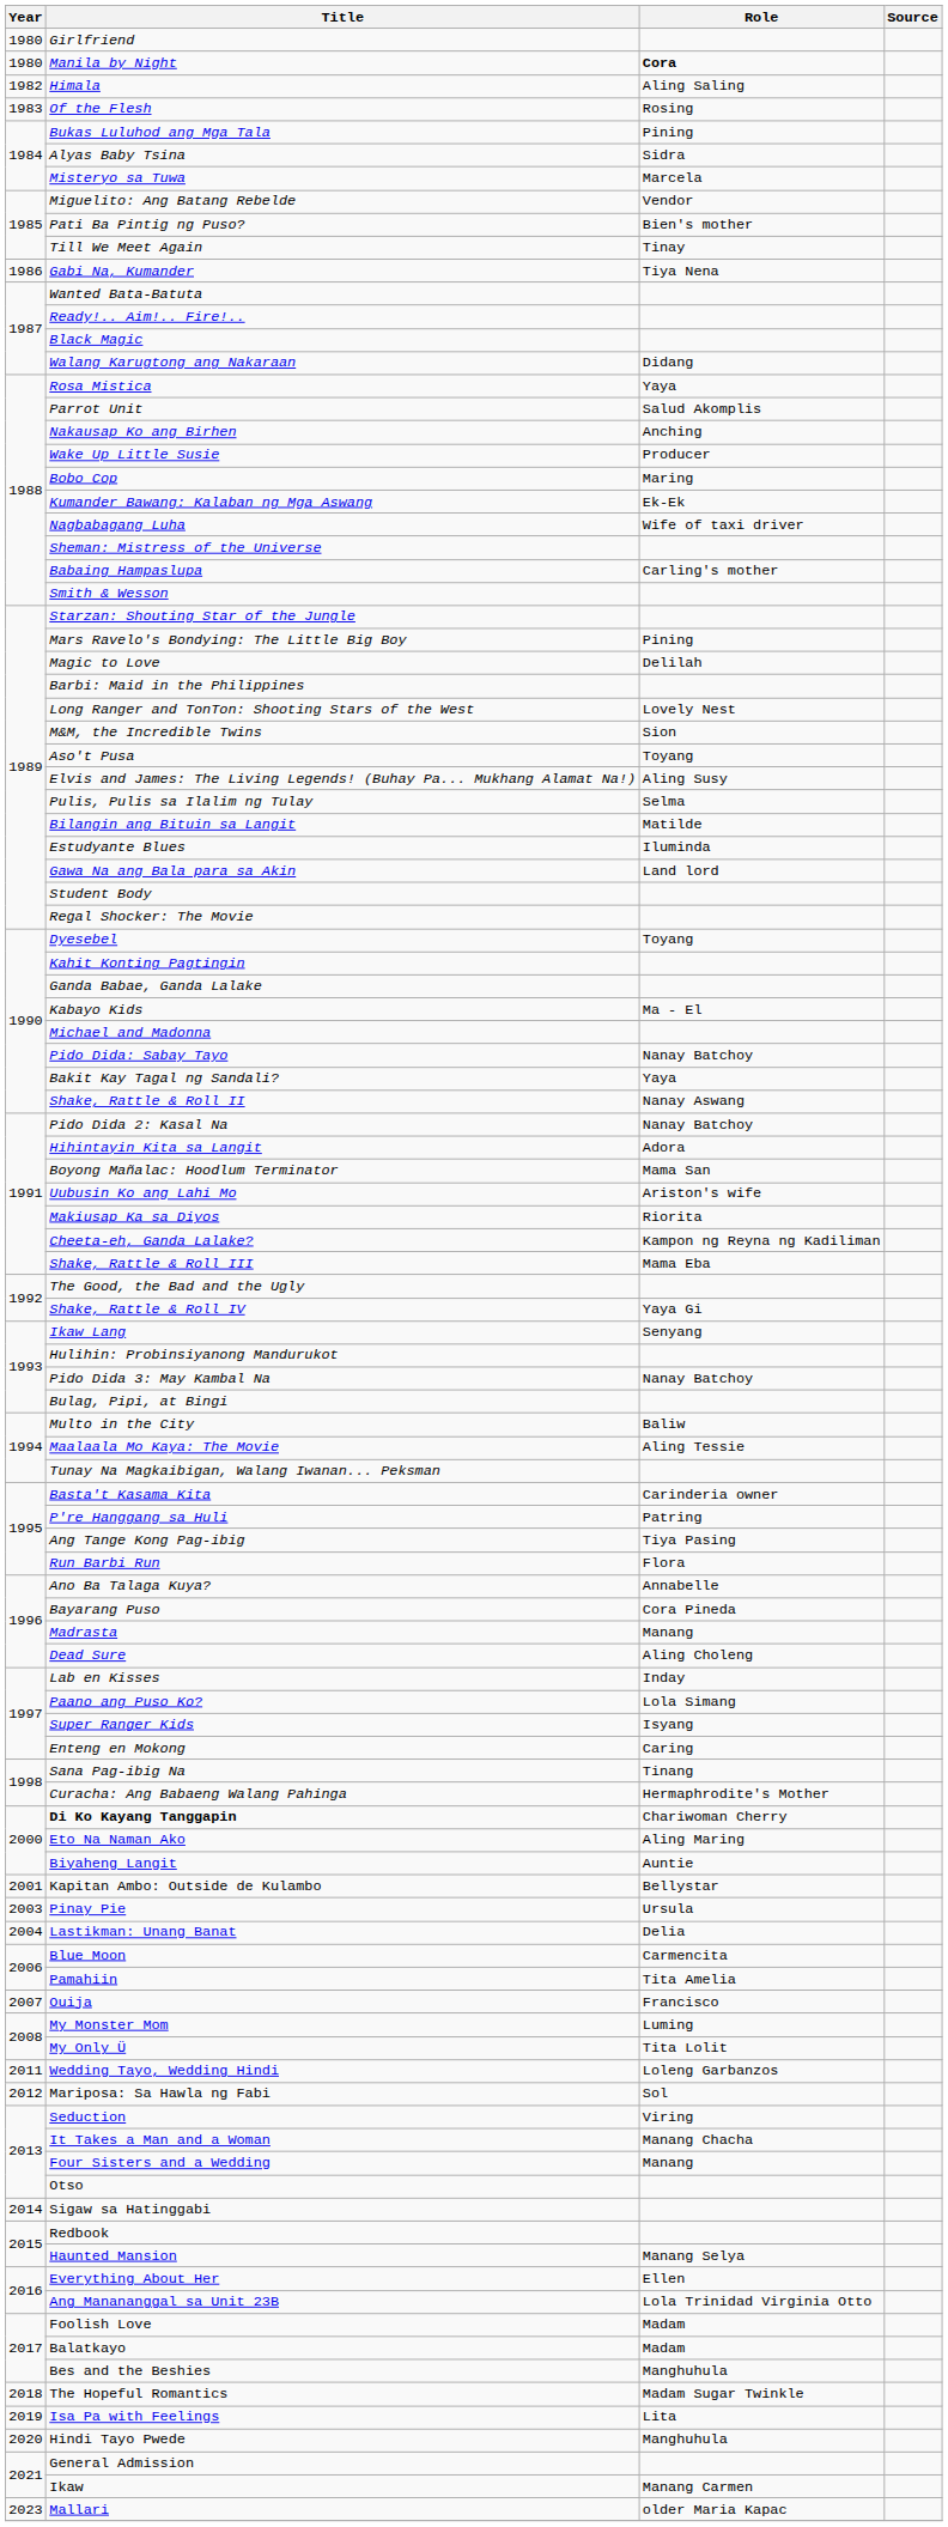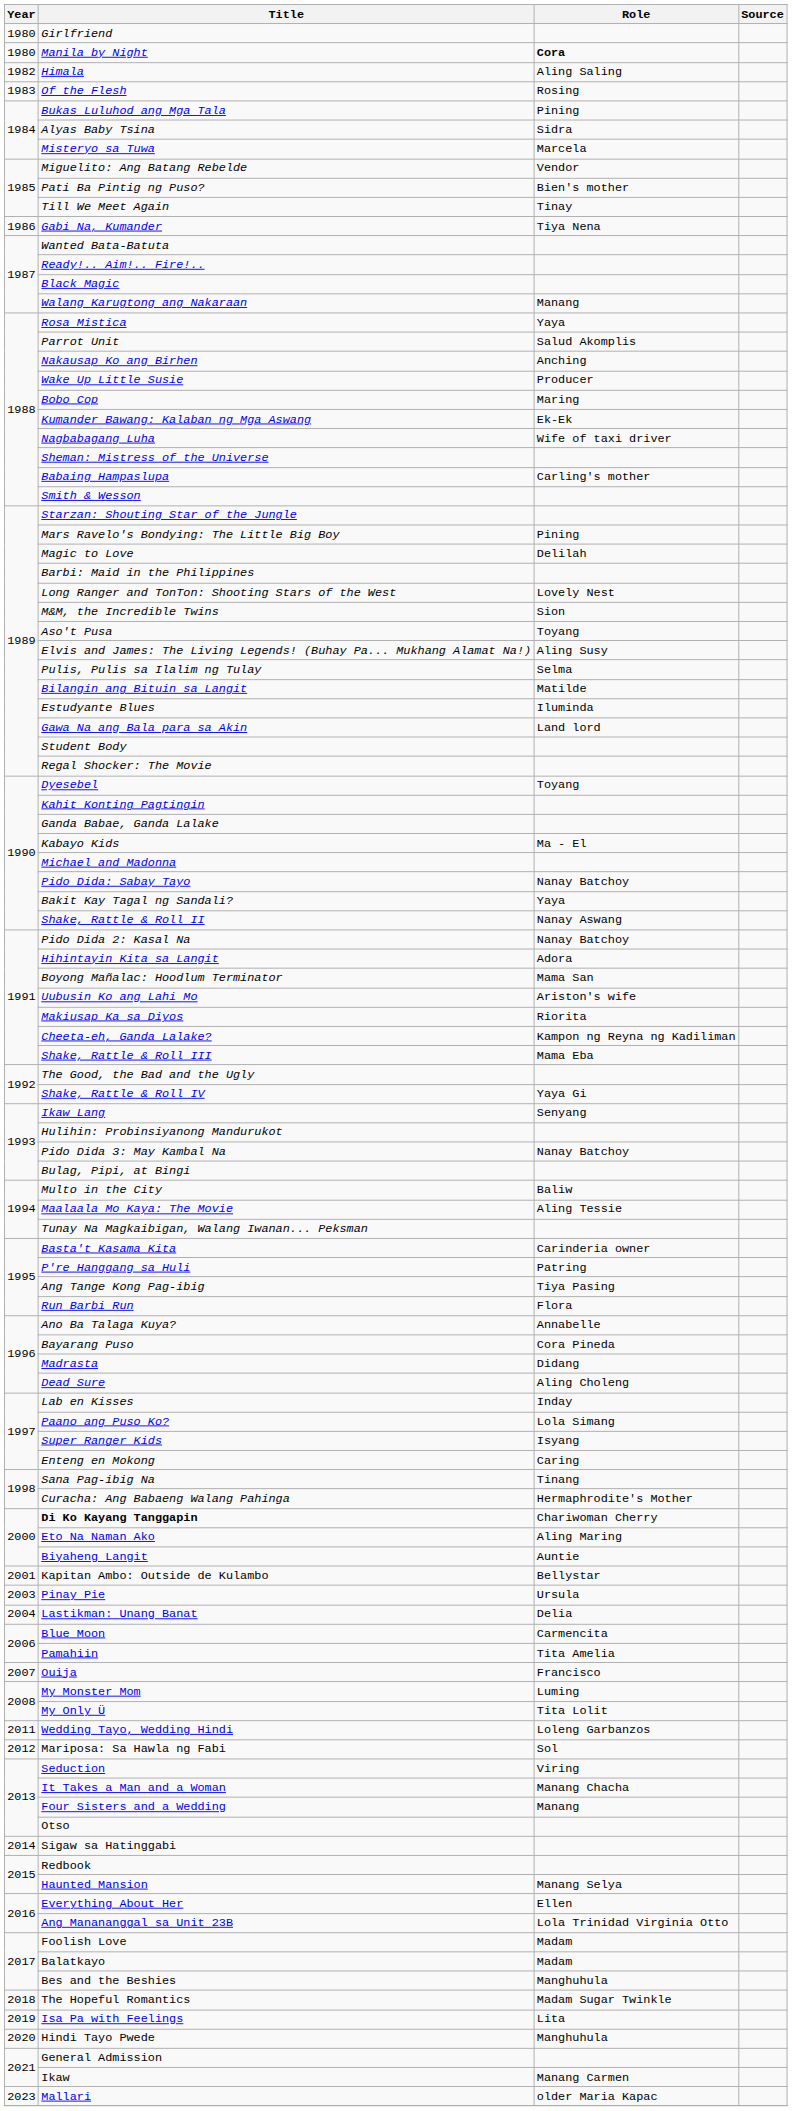 <table class="wikitable sortable">
 <tr>
 <th>Year</th>
 <th>Title</th>
 <th>Role</th>
 <th>Source</th>
 </tr>
 <tr>
 <td>1980</td>
 <td><em>Girlfriend</em></td>
 <td></td>
 <td></td>
 </tr>
 <tr>
 <td>1980</td>
 <td><em><a href='#'>Manila by Night</a></em></td>
 <td><strong>Cora</strong></td>
 <td></td>
 </tr>
 <tr>
 <td>1982</td>
 <td><em><a href='#'>Himala</a></em></td>
 <td>Aling Saling</td>
 <td></td>
 </tr>
 <tr>
 <td>1983</td>
 <td><em><a href='#'>Of the Flesh</a></em></td>
 <td>Rosing</td>
 <td></td>
 </tr>
 <tr>
 <td rowspan="3">1984</td>
 <td><em><a href='#'>Bukas Luluhod ang Mga Tala</a></em></td>
 <td>Pining</td>
 <td></td>
 </tr>
 <tr>
 <td><em>Alyas Baby Tsina</em></td>
 <td>Sidra</td>
 <td></td>
 </tr>
 <tr>
 <td><em><a href='#'>Misteryo sa Tuwa</a></em></td>
 <td>Marcela</td>
 <td></td>
 </tr>
 <tr>
 <td rowspan="3">1985</td>
 <td><em>Miguelito: Ang Batang Rebelde</em></td>
 <td>Vendor</td>
 <td></td>
 </tr>
 <tr>
 <td><em>Pati Ba Pintig ng Puso?</em></td>
 <td>Bien's mother</td>
 <td></td>
 </tr>
 <tr>
 <td><em>Till We Meet Again</em></td>
 <td>Tinay</td>
 <td></td>
 </tr>
 <tr>
 <td>1986</td>
 <td><em><a href='#'>Gabi Na, Kumander</a></em></td>
 <td>Tiya Nena</td>
 <td></td>
 </tr>
 <tr>
 <td rowspan="4">1987</td>
 <td><em>Wanted Bata-Batuta</em></td>
 <td></td>
 <td></td>
 </tr>
 <tr>
 <td><em><a href='#'>Ready!.. Aim!.. Fire!..</a></em></td>
 <td></td>
 <td></td>
 </tr>
 <tr>
 <td><em><a href='#'>Black Magic</a></em></td>
 <td></td>
 <td></td>
 </tr>
 <tr>
 <td><em><a href='#'>Walang Karugtong ang Nakaraan</a></em></td>
-<td>Didang</td>
+<td>Manang</td>
 <td></td>
 </tr>
 <tr>
 <td rowspan="10">1988</td>
 <td><em><a href='#'>Rosa Mistica</a></em></td>
 <td>Yaya</td>
 <td></td>
 </tr>
 <tr>
 <td><em>Parrot Unit</em></td>
 <td>Salud Akomplis</td>
 <td></td>
 </tr>
 <tr>
 <td><em><a href='#'>Nakausap Ko ang Birhen</a></em></td>
 <td>Anching</td>
 <td></td>
 </tr>
 <tr>
 <td><em><a href='#'>Wake Up Little Susie</a></em></td>
 <td>Producer</td>
 <td></td>
 </tr>
 <tr>
 <td><em><a href='#'>Bobo Cop</a></em></td>
 <td>Maring</td>
 <td></td>
 </tr>
 <tr>
 <td><em><a href='#'>Kumander Bawang: Kalaban ng Mga Aswang</a></em></td>
 <td>Ek-Ek</td>
 <td></td>
 </tr>
 <tr>
 <td><em><a href='#'>Nagbabagang Luha</a></em></td>
 <td>Wife of taxi driver</td>
 <td></td>
 </tr>
 <tr>
 <td><em><a href='#'>Sheman: Mistress of the Universe</a></em></td>
 <td></td>
 <td></td>
 </tr>
 <tr>
 <td><em><a href='#'>Babaing Hampaslupa</a></em> </td>
 <td>Carling's mother</td>
 <td></td>
 </tr>
 <tr>
 <td><a href='#'><em>Smith & Wesson</em></a></td>
 <td></td>
 <td></td>
 </tr>
 <tr>
 <td rowspan="14">1989</td>
 <td><em><a href='#'>Starzan: Shouting Star of the Jungle</a></em> </td>
 <td></td>
 <td></td>
 </tr>
 <tr>
 <td><em>Mars Ravelo's Bondying: The Little Big Boy</em></td>
 <td>Pining</td>
 <td></td>
 </tr>
 <tr>
 <td><em>Magic to Love</em></td>
 <td>Delilah</td>
 <td></td>
 </tr>
 <tr>
 <td><em>Barbi: Maid in the Philippines</em></td>
 <td></td>
 <td></td>
 </tr>
 <tr>
 <td><em>Long Ranger and TonTon: Shooting Stars of the West</em></td>
 <td>Lovely Nest</td>
 <td></td>
 </tr>
 <tr>
 <td><em>M&M, the Incredible Twins</em></td>
 <td>Sion</td>
 <td></td>
 </tr>
 <tr>
 <td><em>Aso't Pusa</em></td>
 <td>Toyang</td>
 <td></td>
 </tr>
 <tr>
 <td><em>Elvis and James: The Living Legends! (Buhay Pa... Mukhang Alamat Na!)</em></td>
 <td>Aling Susy</td>
 <td></td>
 </tr>
 <tr>
 <td><em>Pulis, Pulis sa Ilalim ng Tulay</em></td>
 <td>Selma</td>
 <td></td>
 </tr>
 <tr>
 <td><em><a href='#'>Bilangin ang Bituin sa Langit</a></em></td>
 <td>Matilde</td>
 <td></td>
 </tr>
 <tr>
 <td><em>Estudyante Blues</em></td>
 <td>Iluminda</td>
 <td></td>
 </tr>
 <tr>
 <td><em><a href='#'>Gawa Na ang Bala para sa Akin</a></em></td>
 <td>Land lord</td>
 <td></td>
 </tr>
 <tr>
 <td><em>Student Body</em></td>
 <td></td>
 <td></td>
 </tr>
 <tr>
 <td><em>Regal Shocker: The Movie</em></td>
 <td></td>
 <td></td>
 </tr>
 <tr>
 <td rowspan="8">1990</td>
 <td><em><a href='#'>Dyesebel</a></em> </td>
 <td>Toyang</td>
 <td></td>
 </tr>
 <tr>
 <td><em><a href='#'>Kahit Konting Pagtingin</a></em> </td>
 <td></td>
 <td></td>
 </tr>
 <tr>
 <td><em>Ganda Babae, Ganda Lalake</em></td>
 <td></td>
 <td></td>
 </tr>
 <tr>
 <td><em>Kabayo Kids</em></td>
 <td>Ma - El</td>
 <td></td>
 </tr>
 <tr>
 <td><em><a href='#'>Michael and Madonna</a></em></td>
 <td></td>
 <td></td>
 </tr>
 <tr>
 <td><em><a href='#'>Pido Dida: Sabay Tayo</a></em></td>
 <td>Nanay Batchoy</td>
 <td></td>
 </tr>
 <tr>
 <td><em>Bakit Kay Tagal ng Sandali?</em></td>
 <td>Yaya</td>
 <td></td>
 </tr>
 <tr>
 <td><em><a href='#'>Shake, Rattle & Roll II</a></em></td>
 <td>Nanay Aswang</td>
 <td></td>
 </tr>
 <tr>
 <td rowspan="7">1991</td>
 <td><em>Pido Dida 2: Kasal Na</em></td>
 <td>Nanay Batchoy</td>
 <td></td>
 </tr>
 <tr>
 <td><em><a href='#'>Hihintayin Kita sa Langit</a></em></td>
 <td>Adora</td>
 <td></td>
 </tr>
 <tr>
 <td><em>Boyong Mañalac: Hoodlum Terminator</em></td>
 <td>Mama San</td>
 <td></td>
 </tr>
 <tr>
 <td><em><a href='#'>Uubusin Ko ang Lahi Mo</a></em></td>
 <td>Ariston's wife</td>
 <td></td>
 </tr>
 <tr>
 <td><em><a href='#'>Makiusap Ka sa Diyos</a></em></td>
 <td>Riorita</td>
 <td></td>
 </tr>
 <tr>
 <td><em><a href='#'>Cheeta-eh, Ganda Lalake?</a></em></td>
 <td>Kampon ng Reyna ng Kadiliman</td>
 <td></td>
 </tr>
 <tr>
 <td><em><a href='#'>Shake, Rattle & Roll III</a></em></td>
 <td>Mama Eba</td>
 <td></td>
 </tr>
 <tr>
 <td rowspan="2">1992</td>
 <td><em>The Good, the Bad and the Ugly</em></td>
 <td></td>
 <td></td>
 </tr>
 <tr>
 <td><em><a href='#'>Shake, Rattle & Roll IV</a></em></td>
 <td>Yaya Gi</td>
 <td></td>
 </tr>
 <tr>
 <td rowspan="4">1993</td>
 <td><em><a href='#'>Ikaw Lang</a></em></td>
 <td>Senyang</td>
 <td></td>
 </tr>
 <tr>
 <td><em>Hulihin: Probinsiyanong Mandurukot</em></td>
 <td></td>
 <td></td>
 </tr>
 <tr>
 <td><em>Pido Dida 3: May Kambal Na</em></td>
 <td>Nanay Batchoy</td>
 <td></td>
 </tr>
 <tr>
 <td><em>Bulag, Pipi, at Bingi</em></td>
 <td></td>
 <td></td>
 </tr>
 <tr>
 <td rowspan="3">1994</td>
 <td><em>Multo in the City</em></td>
 <td>Baliw</td>
 <td></td>
 </tr>
 <tr>
 <td><em><a href='#'>Maalaala Mo Kaya: The Movie</a></em></td>
 <td>Aling Tessie</td>
 <td></td>
 </tr>
 <tr>
 <td><em>Tunay Na Magkaibigan, Walang Iwanan... Peksman</em></td>
 <td></td>
 <td></td>
 </tr>
 <tr>
 <td rowspan="4">1995</td>
 <td><em><a href='#'>Basta't Kasama Kita</a></em></td>
 <td>Carinderia owner</td>
 <td></td>
 </tr>
 <tr>
 <td><em><a href='#'>P're Hanggang sa Huli</a></em></td>
 <td>Patring</td>
 <td></td>
 </tr>
 <tr>
 <td><em>Ang Tange Kong Pag-ibig</em></td>
 <td>Tiya Pasing</td>
 <td></td>
 </tr>
 <tr>
 <td><em><a href='#'>Run Barbi Run</a></em></td>
 <td>Flora</td>
 <td></td>
 </tr>
 <tr>
 <td rowspan="4">1996</td>
 <td><em>Ano Ba Talaga Kuya?</em></td>
 <td>Annabelle</td>
 <td></td>
 </tr>
 <tr>
 <td><em>Bayarang Puso</em></td>
 <td>Cora Pineda</td>
 <td></td>
 </tr>
 <tr>
 <td><em><a href='#'>Madrasta</a></em></td>
-<td>Manang</td>
+<td>Didang</td>
 <td></td>
 </tr>
 <tr>
 <td><em><a href='#'>Dead Sure</a></em></td>
 <td>Aling Choleng</td>
 <td></td>
 </tr>
 <tr>
 <td rowspan="4">1997</td>
 <td><em>Lab en Kisses</em></td>
 <td>Inday</td>
 <td></td>
 </tr>
 <tr>
 <td><em><a href='#'>Paano ang Puso Ko?</a></em></td>
 <td>Lola Simang</td>
 <td></td>
 </tr>
 <tr>
 <td><em><a href='#'>Super Ranger Kids</a></em></td>
 <td>Isyang</td>
 <td></td>
 </tr>
 <tr>
 <td><em>Enteng en Mokong</em></td>
 <td>Caring</td>
 <td></td>
 </tr>
 <tr>
 <td rowspan="2">1998</td>
 <td><em>Sana Pag-ibig Na</em></td>
 <td>Tinang</td>
 <td></td>
 </tr>
 <tr>
 <td><em>Curacha: Ang Babaeng Walang Pahinga</em></td>
 <td>Hermaphrodite's Mother</td>
 <td></td>
 </tr>
 <tr>
 <td rowspan="3">2000</td>
 <td><strong>Di Ko Kayang Tanggapin<em></td>
 <td>Chariwoman Cherry</td>
 <td></td>
 </tr>
 <tr>
 <td></em><a href='#'>Eto Na Naman Ako</a><em> </td>
 <td>Aling Maring</td>
 <td></td>
 </tr>
 <tr>
 <td></em><a href='#'>Biyaheng Langit</a><em></td>
 <td>Auntie</td>
 <td></td>
 </tr>
 <tr>
 <td>2001</td>
 <td></em>Kapitan Ambo: Outside de Kulambo<em></td>
 <td>Bellystar</td>
 <td></td>
 </tr>
 <tr>
 <td>2003</td>
 <td></em><a href='#'>Pinay Pie</a><em></td>
 <td>Ursula</td>
 <td></td>
 </tr>
 <tr>
 <td>2004</td>
 <td></em><a href='#'>Lastikman: Unang Banat</a><em></td>
 <td>Delia</td>
 <td></td>
 </tr>
 <tr>
 <td rowspan="2">2006</td>
 <td></em><a href='#'>Blue Moon</a><em></td>
 <td>Carmencita</td>
 <td></td>
 </tr>
 <tr>
 <td></em><a href='#'>Pamahiin</a><em></td>
 <td>Tita Amelia</td>
 <td></td>
 </tr>
 <tr>
 <td>2007</td>
 <td></em><a href='#'>Ouija</a><em></td>
 <td>Francisco</td>
 <td></td>
 </tr>
 <tr>
 <td rowspan="2">2008</td>
 <td></em><a href='#'>My Monster Mom</a><em></td>
 <td>Luming</td>
 <td></td>
 </tr>
 <tr>
 <td></em><a href='#'>My Only Ü</a><em></td>
 <td>Tita Lolit</td>
 <td></td>
 </tr>
 <tr>
 <td>2011</td>
 <td></em><a href='#'>Wedding Tayo, Wedding Hindi</a><em></td>
 <td>Loleng Garbanzos</td>
 <td></td>
 </tr>
 <tr>
 <td>2012</td>
 <td></em>Mariposa: Sa Hawla ng Fabi<em></td>
 <td>Sol</td>
 <td></td>
 </tr>
 <tr>
 <td rowspan="4">2013</td>
 <td></em><a href='#'>Seduction</a><em></td>
 <td>Viring</td>
 <td></td>
 </tr>
 <tr>
 <td></em><a href='#'>It Takes a Man and a Woman</a><em></td>
 <td>Manang Chacha</td>
 <td></td>
 </tr>
 <tr>
 <td></em><a href='#'>Four Sisters and a Wedding</a><em></td>
 <td>Manang</td>
 <td></td>
 </tr>
 <tr>
 <td></em>Otso<em></td>
 <td></td>
 <td></td>
 </tr>
 <tr>
 <td>2014</td>
 <td></em>Sigaw sa Hatinggabi<em></td>
 <td></td>
 <td></td>
 </tr>
 <tr>
 <td rowspan="2">2015</td>
 <td></em>Redbook<em></td>
 <td></td>
 <td></td>
 </tr>
 <tr>
 <td></em><a href='#'>Haunted Mansion</a><em></td>
 <td>Manang Selya</td>
 <td></td>
 </tr>
 <tr>
 <td rowspan="2">2016</td>
 <td></em><a href='#'>Everything About Her</a><em></td>
 <td>Ellen</td>
 <td></td>
 </tr>
 <tr>
 <td></em><a href='#'>Ang Manananggal sa Unit 23B</a><em></td>
 <td>Lola Trinidad Virginia Otto</td>
 <td></td>
 </tr>
 <tr>
 <td rowspan="3">2017</td>
 <td></em>Foolish Love<em></td>
 <td>Madam</td>
 <td></td>
 </tr>
 <tr>
 <td></em>Balatkayo<em></td>
 <td>Madam</td>
 <td></td>
 </tr>
 <tr>
 <td></em>Bes and the Beshies<em></td>
 <td>Manghuhula</td>
 <td></td>
 </tr>
 <tr>
 <td>2018</td>
 <td></em>The Hopeful Romantics<em></td>
 <td>Madam Sugar Twinkle</td>
 <td></td>
 </tr>
 <tr>
 <td>2019</td>
 <td></em><a href='#'>Isa Pa with Feelings</a><em></td>
 <td>Lita</td>
 <td></td>
 </tr>
 <tr>
 <td>2020</td>
 <td></em>Hindi Tayo Pwede<em></td>
 <td>Manghuhula</td>
 <td></td>
 </tr>
 <tr>
 <td rowspan="2">2021</td>
 <td></em>General Admission<em></td>
 <td></td>
 <td></td>
 </tr>
 <tr>
 <td></em>Ikaw<em></td>
 <td>Manang Carmen</td>
 <td></td>
 </tr>
 <tr>
 <td>2023</td>
 <td></em><a href='#'>Mallari</a><em></td>
 <td>older Maria Kapac</td>
 <td></td>
 </tr>
 <tr>
 </tr>
 </table>
